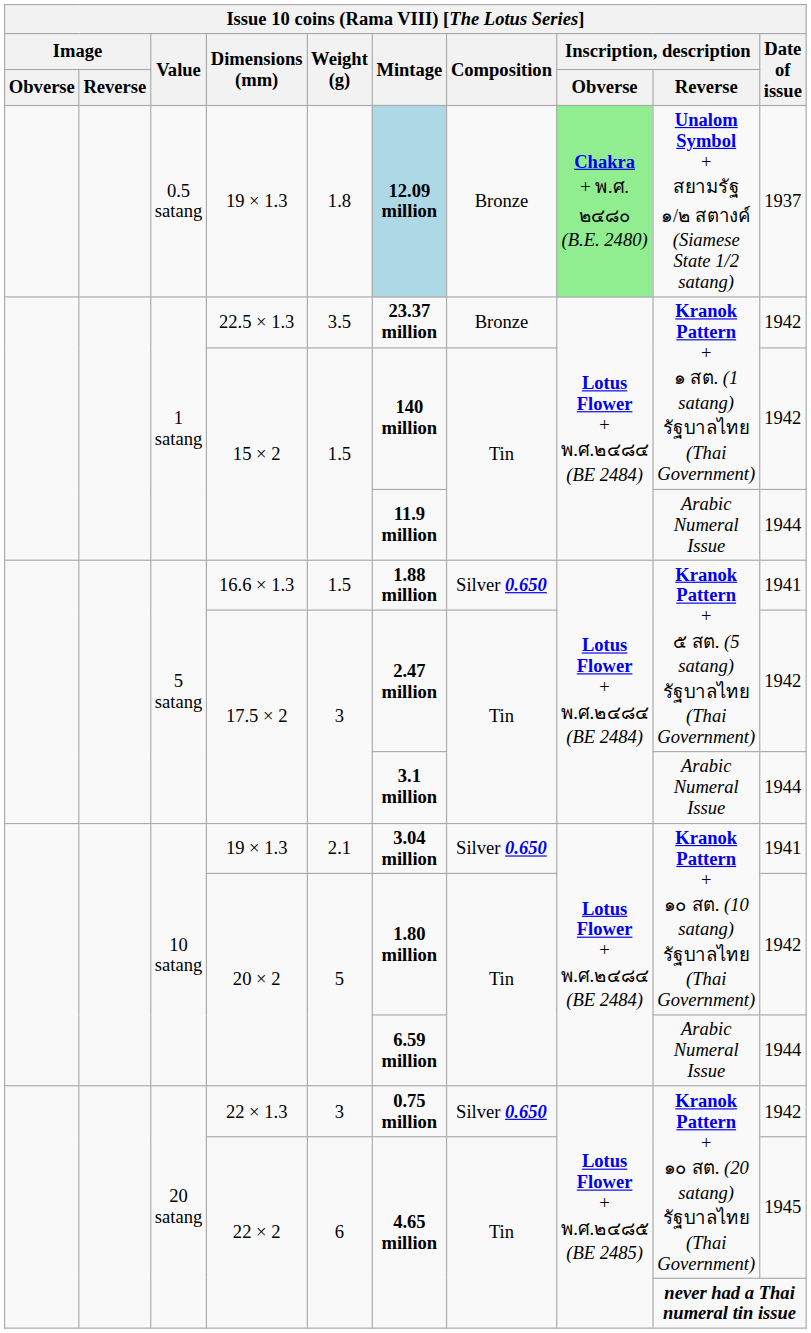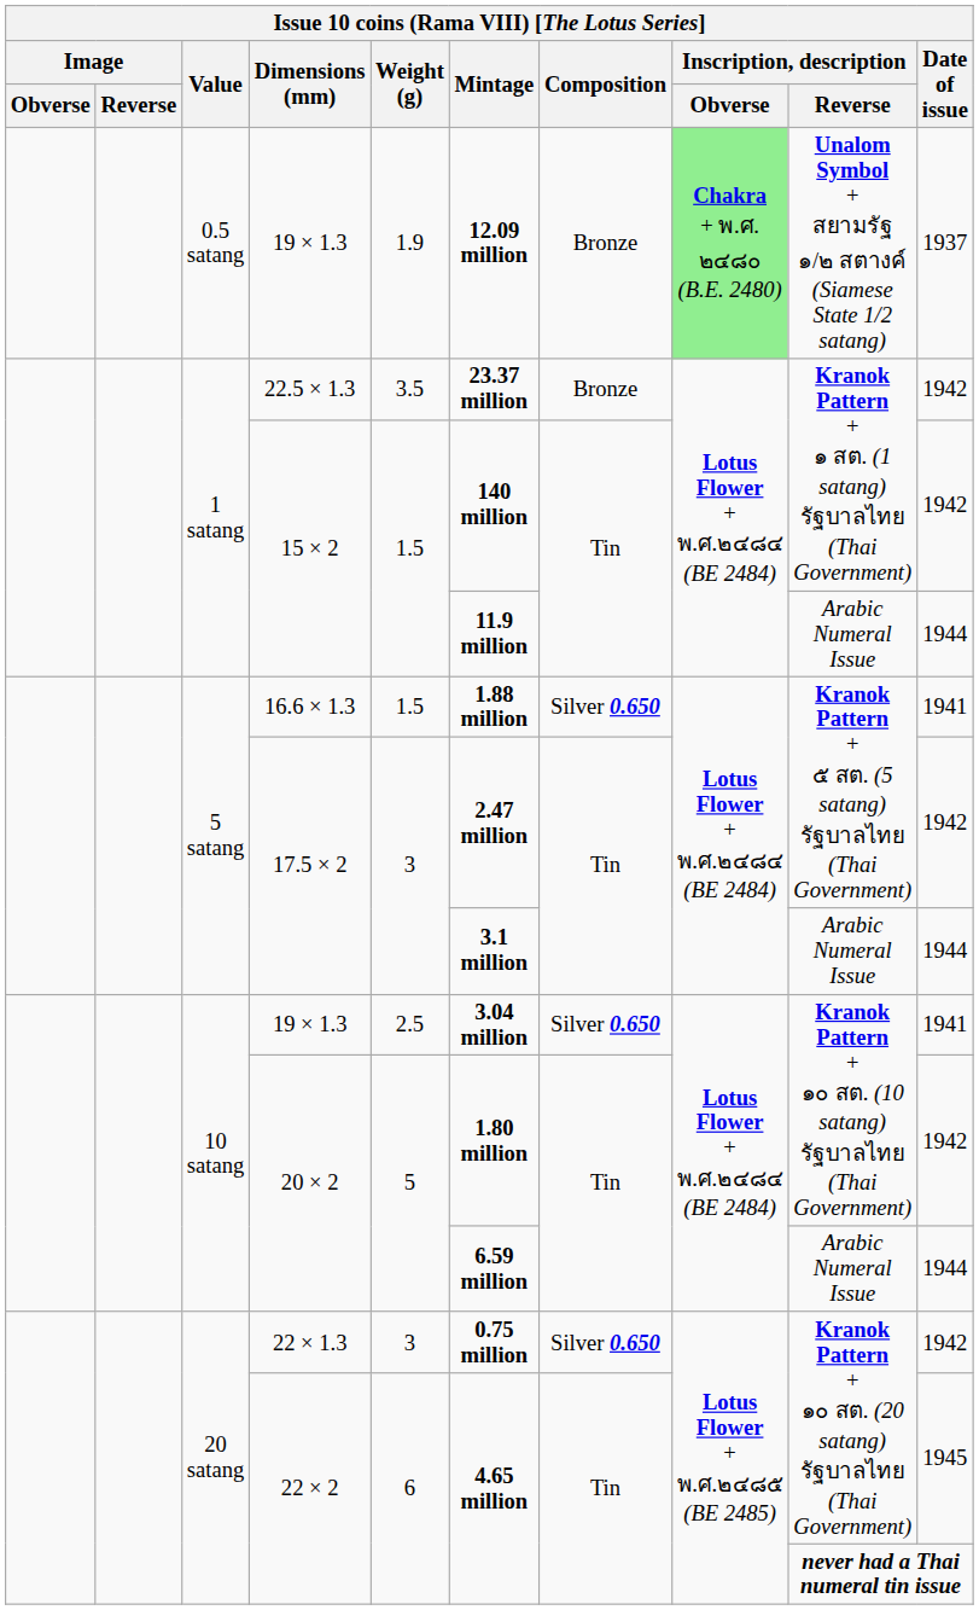 <table class="wikitable" style="text-align: center">
 <tr>
 <th colspan="10">Issue 10 coins (Rama VIII) [<em>The Lotus Series</em>]</th>
 </tr>
 <tr>
 <th colspan="2">Image</th>
 <th rowspan="2">Value</th>
 <th rowspan="2">Dimensions<br>(mm)</th>
 <th rowspan="2">Weight<br>(g)</th>
 <th rowspan="2">Mintage</th>
 <th rowspan="2">Composition</th>
 <th colspan="2">Inscription, description</th>
 <th rowspan="2">Date of issue</th>
 </tr>
 <tr>
 <th>Obverse</th>
 <th>Reverse</th>
 <th>Obverse</th>
 <th>Reverse</th>
 </tr>
 <tr>
 <td></td>
 <td></td>
 <td>0.5 satang</td>
 <td>19 × 1.3</td>
-<td>1.8</td>
-<td style="background: lightblue;"><strong>12.09 million</strong></td>
+<td>1.9</td>
+<td><strong>12.09 million</strong></td>
 <td>Bronze</td>
 <td style="background: lightgreen;"><strong><a href='#'>Chakra</a></strong><br>+ พ.ศ. ๒๔๘๐ <em>(B.E. 2480)</em></td>
 <td><strong><a href='#'>Unalom Symbol</a></strong><br>+<br>สยามรัฐ ๑/๒ สตางค์<br><em>(Siamese State 1/2 satang)</em></td>
 <td>1937</td>
 </tr>
 <tr>
 <td rowspan="3"><br></td>
 <td rowspan="3"><br></td>
 <td rowspan="3">1 satang</td>
 <td>22.5 × 1.3</td>
 <td>3.5</td>
 <td><strong>23.37 million</strong></td>
 <td>Bronze</td>
 <td rowspan="3"><a href='#'><strong>Lotus Flower</strong></a><br>+<br>พ.ศ.๒๔๘๔ <em>(BE 2484)</em></td>
 <td rowspan="2"><strong><a href='#'>Kranok Pattern</a></strong><br>+<br>๑ สต. <em>(1 satang)</em><br>รัฐบาลไทย <em>(Thai Government)</em></td>
 <td>1942</td>
 </tr>
 <tr>
 <td rowspan="2">15 × 2</td>
 <td rowspan="2">1.5</td>
 <td><strong>140 million</strong></td>
 <td rowspan="2">Tin</td>
 <td>1942</td>
 </tr>
 <tr>
 <td><strong>11.9 million</strong></td>
 <td><em>Arabic Numeral Issue</em></td>
 <td>1944</td>
 </tr>
 <tr>
 <td rowspan="3"></td>
 <td rowspan="3"><br></td>
 <td rowspan="3">5 satang</td>
 <td>16.6 × 1.3</td>
 <td>1.5</td>
 <td><strong>1.88 million</strong></td>
 <td>Silver <strong><em><a href='#'>0.650</a></em></strong></td>
 <td rowspan="3"><a href='#'><strong>Lotus Flower</strong></a><br>+<br>พ.ศ.๒๔๘๔ <em>(BE 2484)</em></td>
 <td rowspan="2"><strong><a href='#'>Kranok Pattern</a></strong><br>+<br>๕ สต. <em>(5 satang)</em><br>รัฐบาลไทย <em>(Thai Government)</em></td>
 <td>1941</td>
 </tr>
 <tr>
 <td rowspan="2">17.5 × 2</td>
 <td rowspan="2">3</td>
 <td><strong>2.47 million</strong></td>
 <td rowspan="2">Tin</td>
 <td>1942</td>
 </tr>
 <tr>
 <td><strong>3.1 million</strong></td>
 <td><em>Arabic Numeral Issue</em></td>
 <td>1944</td>
 </tr>
 <tr>
 <td rowspan="3"></td>
 <td rowspan="3"><br></td>
 <td rowspan="3">10 satang</td>
 <td>19 × 1.3</td>
-<td>2.1</td>
+<td>2.5</td>
 <td><strong>3.04 million</strong></td>
 <td>Silver <strong><em><a href='#'>0.650</a></em></strong></td>
 <td rowspan="3"><a href='#'><strong>Lotus Flower</strong></a><br>+<br>พ.ศ.๒๔๘๔ <em>(BE 2484)</em></td>
 <td rowspan="2"><strong><a href='#'>Kranok Pattern</a></strong><br>+<br>๑๐ สต. <em>(10 satang)</em><br>รัฐบาลไทย <em>(Thai Government)</em></td>
 <td>1941</td>
 </tr>
 <tr>
 <td rowspan="2">20 × 2</td>
 <td rowspan="2">5</td>
 <td><strong>1.80 million</strong></td>
 <td rowspan="2">Tin</td>
 <td>1942</td>
 </tr>
 <tr>
 <td><strong>6.59 million</strong></td>
 <td><em>Arabic Numeral Issue</em></td>
 <td>1944</td>
 </tr>
 <tr>
 <td rowspan="3"></td>
 <td rowspan="3"><br></td>
 <td rowspan="3">20 satang</td>
 <td>22 × 1.3</td>
 <td>3</td>
 <td><strong>0.75 million</strong></td>
 <td>Silver <strong><em><a href='#'>0.650</a></em></strong></td>
 <td rowspan="3"><a href='#'><strong>Lotus Flower</strong></a><br>+<br>พ.ศ.๒๔๘๕ <em>(BE 2485)</em></td>
 <td rowspan="2"><strong><a href='#'>Kranok Pattern</a></strong><br>+<br>๑๐ สต. <em>(20 satang)</em><br>รัฐบาลไทย <em>(Thai Government)</em></td>
 <td>1942</td>
 </tr>
 <tr>
 <td rowspan="2">22 × 2</td>
 <td rowspan="2">6</td>
 <td rowspan="2"><strong>4.65 million</strong></td>
 <td rowspan="2">Tin</td>
 <td>1945</td>
 </tr>
 <tr>
 <td colspan="2"><strong><em>never had a Thai numeral tin issue</em></strong></td>
 </tr>
 </table>
